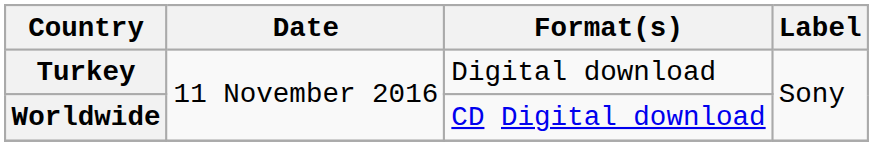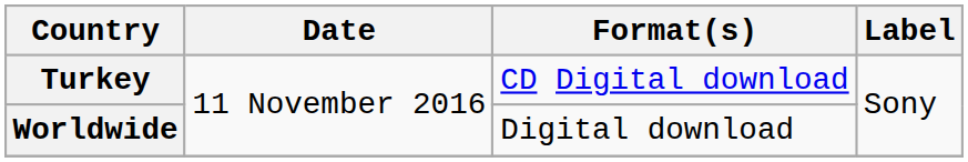 <table class="wikitable plainrowheaders">
 <tr>
 <th scope="col">Country</th>
 <th scope="col">Date</th>
 <th scope="col">Format(s)</th>
 <th scope="col">Label</th>
 </tr>
 <tr>
 <th scope="row">Turkey</th>
 <td rowspan="2">11 November 2016</td>
-<td>Digital download</td>
+<td><a href='#'>CD</a> <a href='#'>Digital download</a></td>
 <td rowspan="2">Sony</td>
 </tr>
 <tr>
 <th scope="row">Worldwide</th>
-<td><a href='#'>CD</a> <a href='#'>Digital download</a></td>
+<td>Digital download</td>
 </tr>
 <tr>
 </tr>
 </table>
